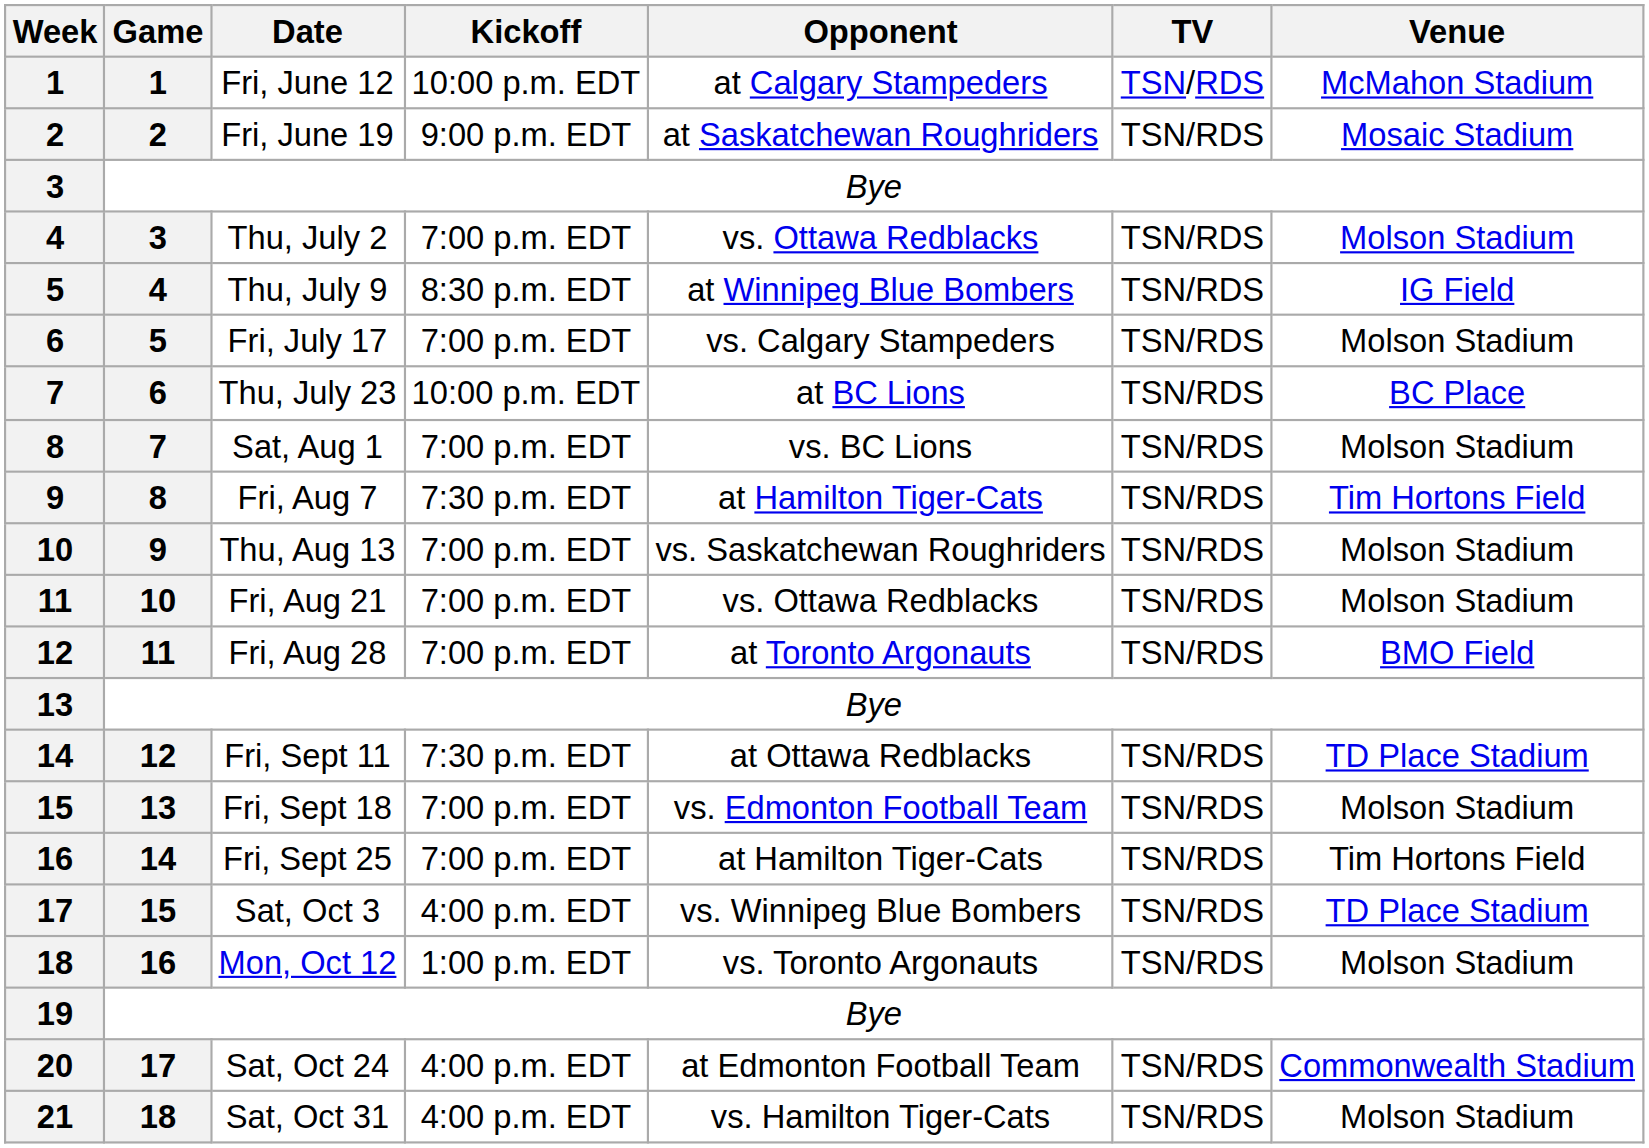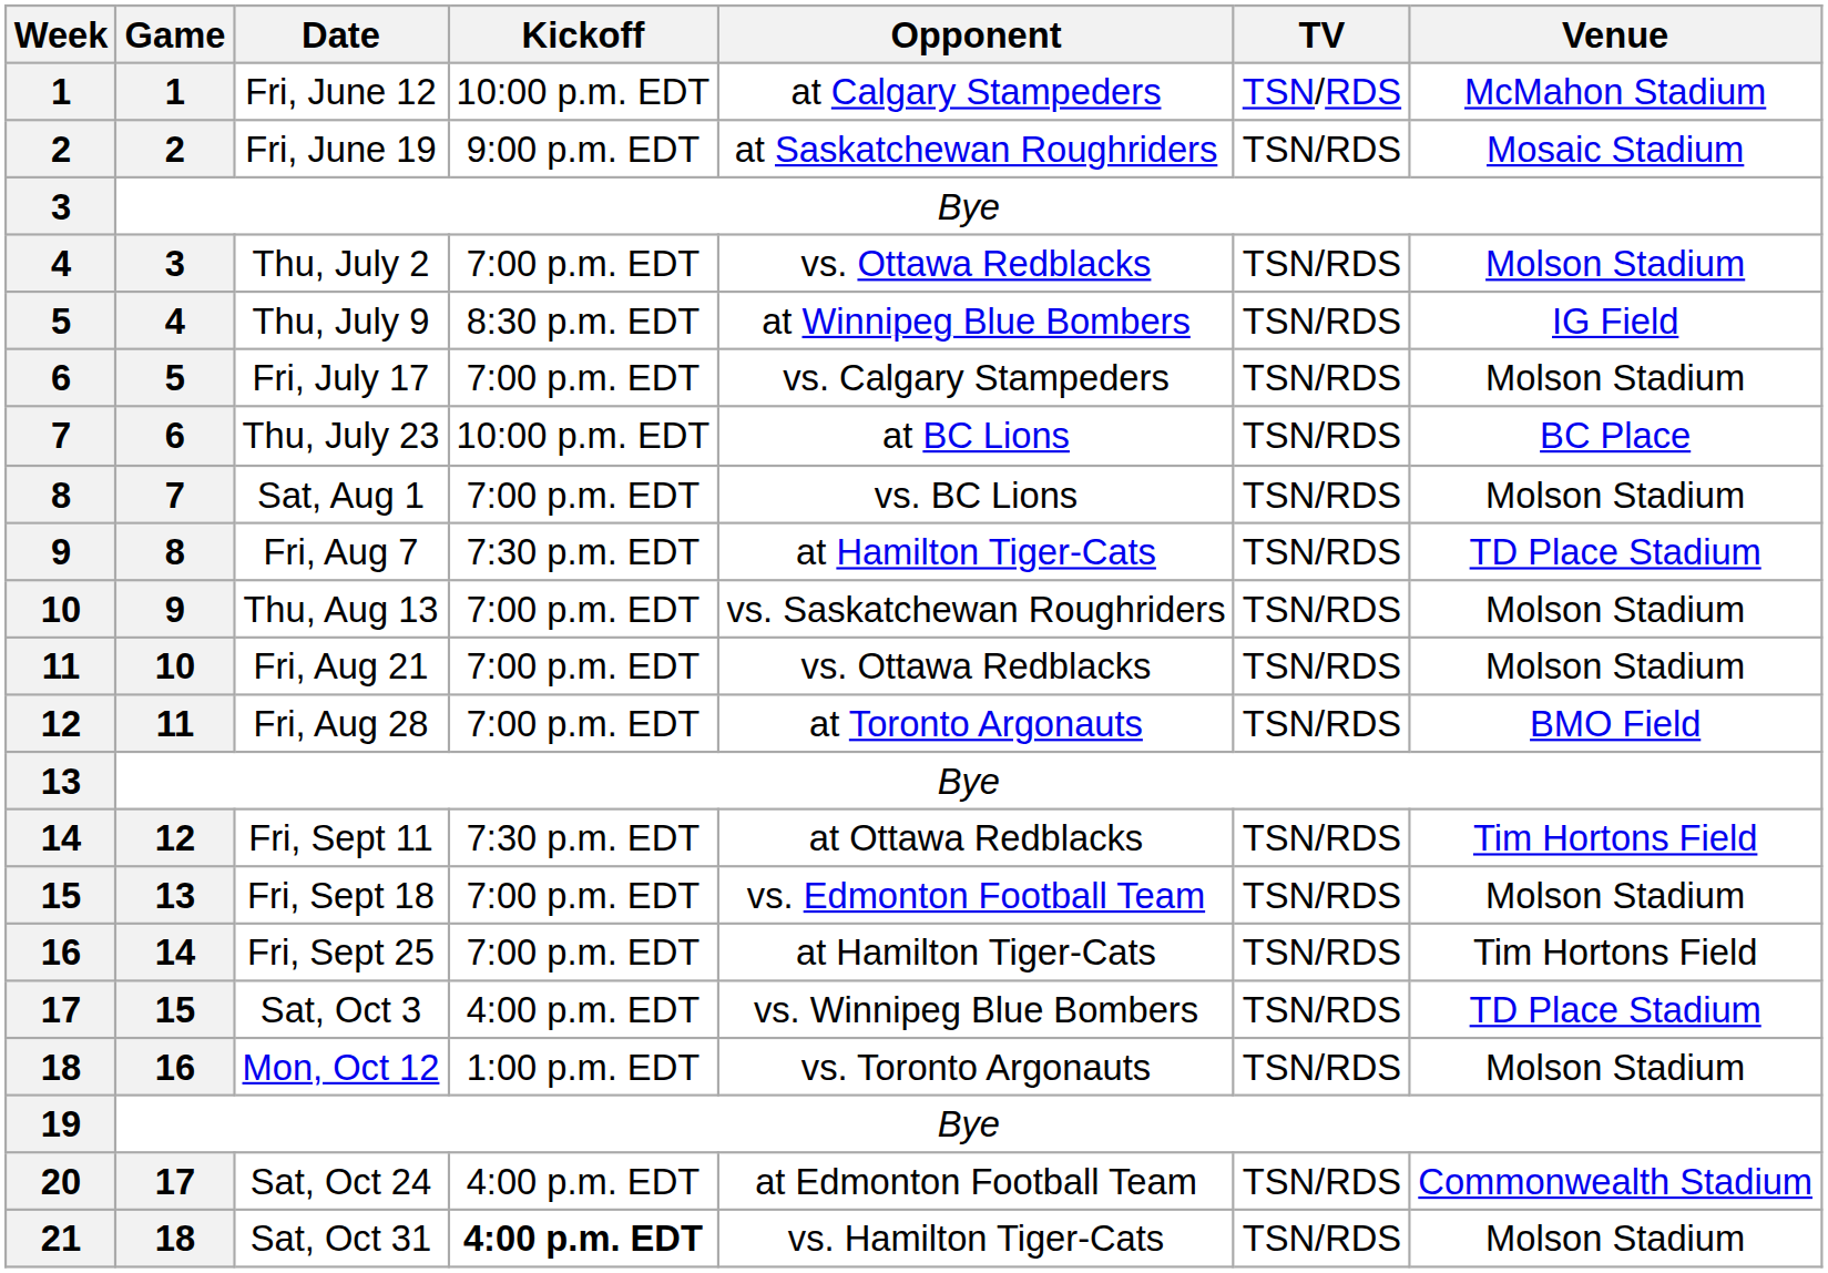 <table class="wikitable" style="font-size: 95%;">
 <tr>
 <th scope="col">Week</th>
 <th scope="col">Game</th>
 <th scope="col">Date</th>
 <th scope="col">Kickoff</th>
 <th scope="col">Opponent</th>
 <th scope="col">TV</th>
 <th scope="col">Venue</th>
 </tr>
 <tr align="center"= bgcolor="ffffff">
 <th align="center">1</th>
 <th align="center">1</th>
 <td align="center">Fri, June 12</td>
 <td align="center">10:00 p.m. EDT</td>
 <td align="center">at <a href='#'>Calgary Stampeders</a></td>
 <td align="center"><a href='#'>TSN</a>/<a href='#'>RDS</a></td>
 <td align="center"><a href='#'>McMahon Stadium</a></td>
 </tr>
 <tr align="center"= bgcolor="ffffff">
 <th align="center">2</th>
 <th align="center">2</th>
 <td align="center">Fri, June 19</td>
 <td align="center">9:00 p.m. EDT</td>
 <td align="center">at <a href='#'>Saskatchewan Roughriders</a></td>
 <td align="center">TSN/RDS</td>
 <td align="center"><a href='#'>Mosaic Stadium</a></td>
 </tr>
 <tr align="center"= bgcolor="ffffff">
 <th align="center">3</th>
 <td colspan=10 align="center" valign="middle"><em>Bye</em></td>
 </tr>
 <tr align="center"= bgcolor="ffffff">
 <th align="center">4</th>
 <th align="center">3</th>
 <td align="center">Thu, July 2</td>
 <td align="center">7:00 p.m. EDT</td>
 <td align="center">vs. <a href='#'>Ottawa Redblacks</a></td>
 <td align="center">TSN/RDS</td>
 <td align="center"><a href='#'>Molson Stadium</a></td>
 </tr>
 <tr align="center"= bgcolor="ffffff">
 <th align="center">5</th>
 <th align="center">4</th>
 <td align="center">Thu, July 9</td>
 <td align="center">8:30 p.m. EDT</td>
 <td align="center">at <a href='#'>Winnipeg Blue Bombers</a></td>
 <td align="center">TSN/RDS</td>
 <td align="center"><a href='#'>IG Field</a></td>
 </tr>
 <tr align="center"= bgcolor="ffffff">
 <th align="center">6</th>
 <th align="center">5</th>
 <td align="center">Fri, July 17</td>
 <td align="center">7:00 p.m. EDT</td>
 <td align="center">vs. Calgary Stampeders</td>
 <td align="center">TSN/RDS</td>
 <td align="center">Molson Stadium</td>
 </tr>
 <tr align="center"= bgcolor="ffffff">
 <th align="center">7</th>
 <th align="center">6</th>
 <td align="center">Thu, July 23</td>
 <td align="center">10:00 p.m. EDT</td>
 <td align="center">at <a href='#'>BC Lions</a></td>
 <td align="center">TSN/RDS</td>
 <td align="center"><a href='#'>BC Place</a></td>
 </tr>
 <tr align="center"= bgcolor="ffffff">
 <th align="center">8</th>
 <th align="center">7</th>
 <td align="center">Sat, Aug 1</td>
 <td align="center">7:00 p.m. EDT</td>
 <td align="center">vs. BC Lions</td>
 <td align="center">TSN/RDS</td>
 <td align="center">Molson Stadium</td>
 </tr>
 <tr align="center"= bgcolor="ffffff">
 <th align="center">9</th>
 <th align="center">8</th>
 <td align="center">Fri, Aug 7</td>
 <td align="center">7:30 p.m. EDT</td>
 <td align="center">at <a href='#'>Hamilton Tiger-Cats</a></td>
 <td align="center">TSN/RDS</td>
-<td align="center"><a href='#'>Tim Hortons Field</a></td>
+<td align="center"><a href='#'>TD Place Stadium</a></td>
 </tr>
 <tr align="center"= bgcolor="ffffff">
 <th align="center">10</th>
 <th align="center">9</th>
 <td align="center">Thu, Aug 13</td>
 <td align="center">7:00 p.m. EDT</td>
 <td align="center">vs. Saskatchewan Roughriders</td>
 <td align="center">TSN/RDS</td>
 <td align="center">Molson Stadium</td>
 </tr>
 <tr align="center"= bgcolor="ffffff">
 <th align="center">11</th>
 <th align="center">10</th>
 <td align="center">Fri, Aug 21</td>
 <td align="center">7:00 p.m. EDT</td>
 <td align="center">vs. Ottawa Redblacks</td>
 <td align="center">TSN/RDS</td>
 <td align="center">Molson Stadium</td>
 </tr>
 <tr align="center"= bgcolor="ffffff">
 <th align="center">12</th>
 <th align="center">11</th>
 <td align="center">Fri, Aug 28</td>
 <td align="center">7:00 p.m. EDT</td>
 <td align="center">at <a href='#'>Toronto Argonauts</a></td>
 <td align="center">TSN/RDS</td>
 <td align="center"><a href='#'>BMO Field</a></td>
 </tr>
 <tr align="center"= bgcolor="ffffff">
 <th align="center">13</th>
 <td colspan=10 align="center" valign="middle"><em>Bye</em></td>
 </tr>
 <tr align="center"= bgcolor="ffffff">
 <th align="center">14</th>
 <th align="center">12</th>
 <td align="center">Fri, Sept 11</td>
 <td align="center">7:30 p.m. EDT</td>
 <td align="center">at Ottawa Redblacks</td>
 <td align="center">TSN/RDS</td>
-<td align="center"><a href='#'>TD Place Stadium</a></td>
+<td align="center"><a href='#'>Tim Hortons Field</a></td>
 </tr>
 <tr align="center"= bgcolor="ffffff">
 <th align="center">15</th>
 <th align="center">13</th>
 <td align="center">Fri, Sept 18</td>
 <td align="center">7:00 p.m. EDT</td>
 <td align="center">vs. <a href='#'>Edmonton Football Team</a></td>
 <td align="center">TSN/RDS</td>
 <td align="center">Molson Stadium</td>
 </tr>
 <tr align="center"= bgcolor="ffffff">
 <th align="center">16</th>
 <th align="center">14</th>
 <td align="center">Fri, Sept 25</td>
 <td align="center">7:00 p.m. EDT</td>
 <td align="center">at Hamilton Tiger-Cats</td>
 <td align="center">TSN/RDS</td>
 <td align="center">Tim Hortons Field</td>
 </tr>
 <tr align="center"= bgcolor="ffffff">
 <th align="center">17</th>
 <th align="center">15</th>
 <td align="center">Sat, Oct 3</td>
 <td align="center">4:00 p.m. EDT</td>
 <td align="center">vs. Winnipeg Blue Bombers</td>
 <td align="center">TSN/RDS</td>
 <td align="center"><a href='#'>TD Place Stadium</a></td>
 </tr>
 <tr align="center"= bgcolor="ffffff">
 <th align="center">18</th>
 <th align="center">16</th>
 <td align="center"><a href='#'>Mon, Oct 12</a></td>
 <td align="center">1:00 p.m. EDT</td>
 <td align="center">vs. Toronto Argonauts</td>
 <td align="center">TSN/RDS</td>
 <td align="center">Molson Stadium</td>
 </tr>
 <tr align="center"= bgcolor="ffffff">
 <th align="center">19</th>
 <td colspan=10 align="center" valign="middle"><em>Bye</em></td>
 </tr>
 <tr align="center"= bgcolor="ffffff">
 <th align="center">20</th>
 <th align="center">17</th>
 <td align="center">Sat, Oct 24</td>
 <td align="center">4:00 p.m. EDT</td>
 <td align="center">at Edmonton Football Team</td>
 <td align="center">TSN/RDS</td>
 <td align="center"><a href='#'>Commonwealth Stadium</a></td>
 </tr>
 <tr align="center"= bgcolor="ffffff">
 <th align="center">21</th>
 <th align="center">18</th>
 <td align="center">Sat, Oct 31</td>
-<td align="center">4:00 p.m. EDT</td>
+<td align="center"><strong>4:00 p.m. EDT</strong></td>
 <td align="center">vs. Hamilton Tiger-Cats</td>
 <td align="center">TSN/RDS</td>
 <td align="center">Molson Stadium</td>
 </tr>
 </table>
